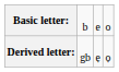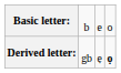 <table class="wikitable" style="line-height: 1.2">
 <tr align=center>
 <th>Basic letter:</th>
 <td> <br>b</td>
 <td> <br>e</td>
 <td> <br>o</td>
 </tr>
 <tr align=center>
 <th>Derived letter:</th>
 <td> <br>gb</td>
 <td> <br>ẹ</td>
-<td> <br>ọ</td>
+<td><strong> <br>ọ</strong></td>
 </tr>
 </table>
